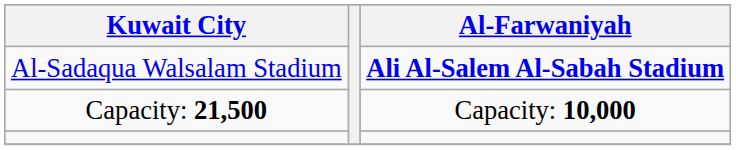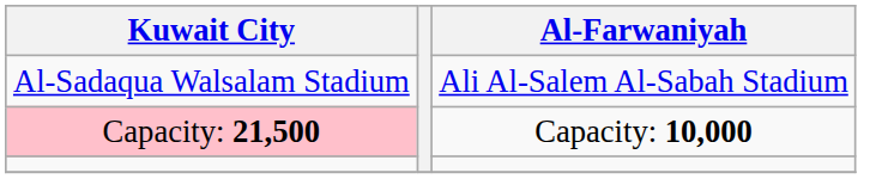 <table class="wikitable" style="text-align:center">
 <tr>
 <th><a href='#'>Kuwait City</a></th>
 <th rowspan="4"></th>
 <th><a href='#'>Al-Farwaniyah</a></th>
 </tr>
 <tr>
 <td><a href='#'>Al-Sadaqua Walsalam Stadium</a></td>
-<td><strong><a href='#'>Ali Al-Salem Al-Sabah Stadium</a></strong></td>
+<td><a href='#'>Ali Al-Salem Al-Sabah Stadium</a></td>
 </tr>
 <tr>
-<td>Capacity: <strong>21,500</strong></td>
+<td style="background: pink;">Capacity: <strong>21,500</strong></td>
 <td>Capacity: <strong>10,000</strong></td>
 </tr>
 <tr>
 <td></td>
 <td></td>
 </tr>
 <tr>
 </tr>
 </table>
